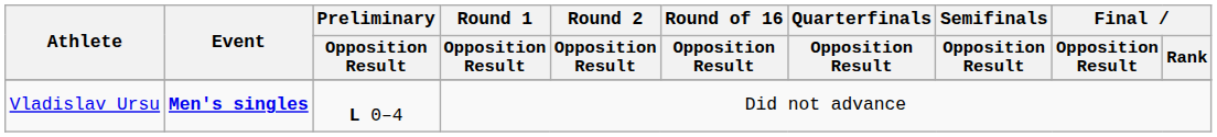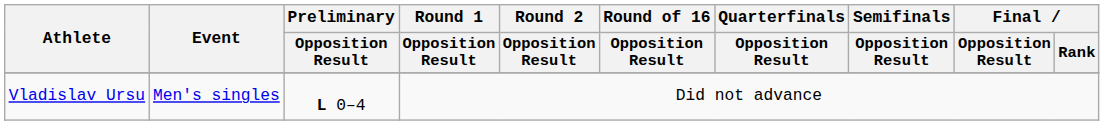 <table class=wikitable style=font-size:90%;text-align:center>
 <tr>
 <th rowspan=2>Athlete</th>
 <th rowspan=2>Event</th>
 <th>Preliminary</th>
 <th>Round 1</th>
 <th>Round 2</th>
 <th>Round of 16</th>
 <th>Quarterfinals</th>
 <th>Semifinals</th>
 <th colspan=2>Final / </th>
 </tr>
 <tr style=font-size:95%>
 <th>Opposition<br>Result</th>
 <th>Opposition<br>Result</th>
 <th>Opposition<br>Result</th>
 <th>Opposition<br>Result</th>
 <th>Opposition<br>Result</th>
 <th>Opposition<br>Result</th>
 <th>Opposition<br>Result</th>
 <th>Rank</th>
 </tr>
 <tr>
 </tr>
 <tr align=center>
 <td align=left><a href='#'>Vladislav Ursu</a></td>
-<td align=left><strong><a href='#'>Men's singles</a></strong></td>
+<td align=left><a href='#'>Men's singles</a></td>
 <td> <br> <strong>L</strong> 0–4</td>
 <td colspan=7>Did not advance</td>
 </tr>
 </table>
